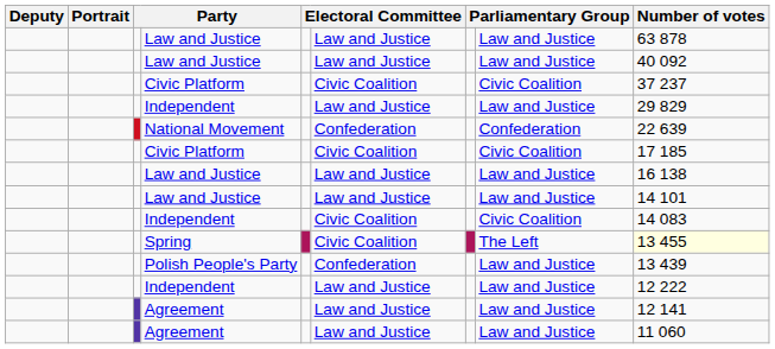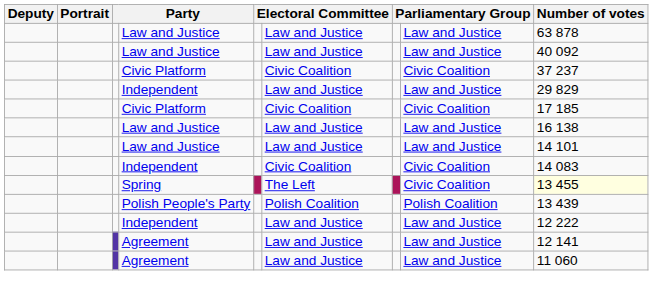 <table class="wikitable sortable" style="font-size:95%;line-height:14px;">
 <tr>
 <th>Deputy</th>
 <th>Portrait</th>
 <th colspan="2">Party</th>
 <th colspan="2">Electoral Committee</th>
 <th colspan="2">Parliamentary Group</th>
 <th>Number of votes</th>
 </tr>
 <tr>
 <td></td>
 <td></td>
 <td style="background:"></td>
 <td><a href='#'>Law and Justice</a></td>
 <td style="background:"></td>
 <td><a href='#'>Law and Justice</a></td>
 <td style="background:"></td>
 <td><a href='#'>Law and Justice</a></td>
 <td>63 878</td>
 </tr>
 <tr>
 <td></td>
 <td></td>
 <td style="background:"></td>
 <td><a href='#'>Law and Justice</a></td>
 <td style="background:"></td>
 <td><a href='#'>Law and Justice</a></td>
 <td style="background:"></td>
 <td><a href='#'>Law and Justice</a></td>
 <td>40 092</td>
 </tr>
 <tr>
 <td></td>
 <td></td>
 <td style="background:"></td>
 <td><a href='#'>Civic Platform</a></td>
 <td style="background:"></td>
 <td><a href='#'>Civic Coalition</a></td>
 <td style="background:"></td>
 <td><a href='#'>Civic Coalition</a></td>
 <td>37 237</td>
 </tr>
 <tr>
 <td></td>
 <td></td>
 <td style="background:"></td>
 <td><a href='#'>Independent</a></td>
 <td style="background:"></td>
 <td><a href='#'>Law and Justice</a></td>
 <td style="background:"></td>
 <td><a href='#'>Law and Justice</a></td>
 <td>29 829</td>
 </tr>
 <tr>
 <td></td>
 <td></td>
-<td style="background:#CF1020;"></td>
-<td><a href='#'>National Movement</a></td>
-<td style="background:"></td>
-<td><a href='#'>Confederation</a></td>
-<td style="background:"></td>
-<td><a href='#'>Confederation</a></td>
-<td>22 639</td>
-</tr>
-<tr>
-<td></td>
-<td></td>
 <td style="background:"></td>
 <td><a href='#'>Civic Platform</a></td>
 <td style="background:"></td>
 <td><a href='#'>Civic Coalition</a></td>
 <td style="background:"></td>
 <td><a href='#'>Civic Coalition</a></td>
 <td>17 185</td>
 </tr>
 <tr>
 <td></td>
 <td></td>
 <td style="background:"></td>
 <td><a href='#'>Law and Justice</a></td>
 <td style="background:"></td>
 <td><a href='#'>Law and Justice</a></td>
 <td style="background:"></td>
 <td><a href='#'>Law and Justice</a></td>
 <td>16 138</td>
 </tr>
 <tr>
 <td></td>
 <td></td>
 <td style="background:"></td>
 <td><a href='#'>Law and Justice</a></td>
 <td style="background:"></td>
 <td><a href='#'>Law and Justice</a></td>
 <td style="background:"></td>
 <td><a href='#'>Law and Justice</a></td>
 <td>14 101</td>
 </tr>
 <tr>
 <td></td>
 <td></td>
 <td style="background:"></td>
 <td><a href='#'>Independent</a></td>
 <td style="background:"></td>
 <td><a href='#'>Civic Coalition</a></td>
 <td style="background:"></td>
 <td><a href='#'>Civic Coalition</a></td>
 <td>14 083</td>
 </tr>
 <tr>
 <td></td>
 <td></td>
 <td style="background:"></td>
 <td><a href='#'>Spring</a></td>
 <td style="background:#AC145A;"></td>
+<td><a href='#'>The Left</a></td>
+<td style="background:#AC145A;"></td>
 <td><a href='#'>Civic Coalition</a></td>
-<td style="background:#AC145A;"></td>
-<td><a href='#'>The Left</a></td>
 <td style="background: lightyellow;">13 455</td>
 </tr>
 <tr>
 <td></td>
 <td></td>
 <td style="background:"></td>
 <td><a href='#'>Polish People's Party</a></td>
 <td style="background:"></td>
-<td><a href='#'>Confederation</a></td>
+<td><a href='#'>Polish Coalition</a></td>
 <td style="background:"></td>
-<td><a href='#'>Law and Justice</a></td>
+<td><a href='#'>Polish Coalition</a></td>
 <td>13 439</td>
 </tr>
 <tr>
 <td></td>
 <td></td>
 <td style="background:"></td>
 <td><a href='#'>Independent</a></td>
 <td style="background:"></td>
 <td><a href='#'>Law and Justice</a></td>
 <td style="background:"></td>
 <td><a href='#'>Law and Justice</a></td>
 <td>12 222</td>
 </tr>
 <tr>
 <td></td>
 <td></td>
 <td style="background:#5234A5;"></td>
 <td><a href='#'>Agreement</a></td>
 <td style="background:"></td>
 <td><a href='#'>Law and Justice</a></td>
 <td style="background:"></td>
 <td><a href='#'>Law and Justice</a></td>
 <td>12 141</td>
 </tr>
 <tr>
 <td></td>
 <td></td>
 <td style="background:#5234A5;"></td>
 <td><a href='#'>Agreement</a></td>
 <td style="background:"></td>
 <td><a href='#'>Law and Justice</a></td>
 <td style="background:"></td>
 <td><a href='#'>Law and Justice</a></td>
 <td>11 060</td>
 </tr>
 </table>
